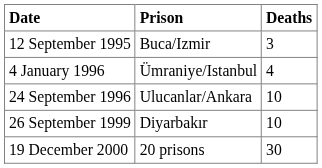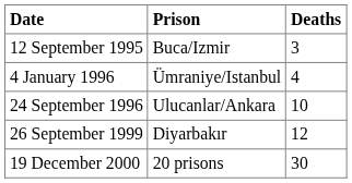 <table border="2" cellspacing="0" cellpadding="4" rules="all"  style="margin:1em 1em 1em 0; border-style:solid; border-width:1px; border-collapse:collapse; empty-cells:show; caption-side:top; ">
 <tr>
 <td><strong>Date</strong></td>
 <td><strong>Prison</strong></td>
 <td><strong>Deaths</strong></td>
 </tr>
 <tr>
 <td>12 September 1995</td>
 <td>Buca/Izmir</td>
 <td>3</td>
 </tr>
 <tr>
 <td>4 January 1996</td>
 <td>Ümraniye/Istanbul</td>
 <td>4</td>
 </tr>
 <tr>
 <td>24 September 1996</td>
 <td>Ulucanlar/Ankara</td>
 <td>10</td>
 </tr>
 <tr>
 <td>26 September 1999</td>
 <td>Diyarbakır</td>
-<td>10</td>
+<td>12</td>
 </tr>
 <tr>
 <td>19 December 2000</td>
 <td>20 prisons</td>
 <td>30</td>
 </tr>
 </table>
